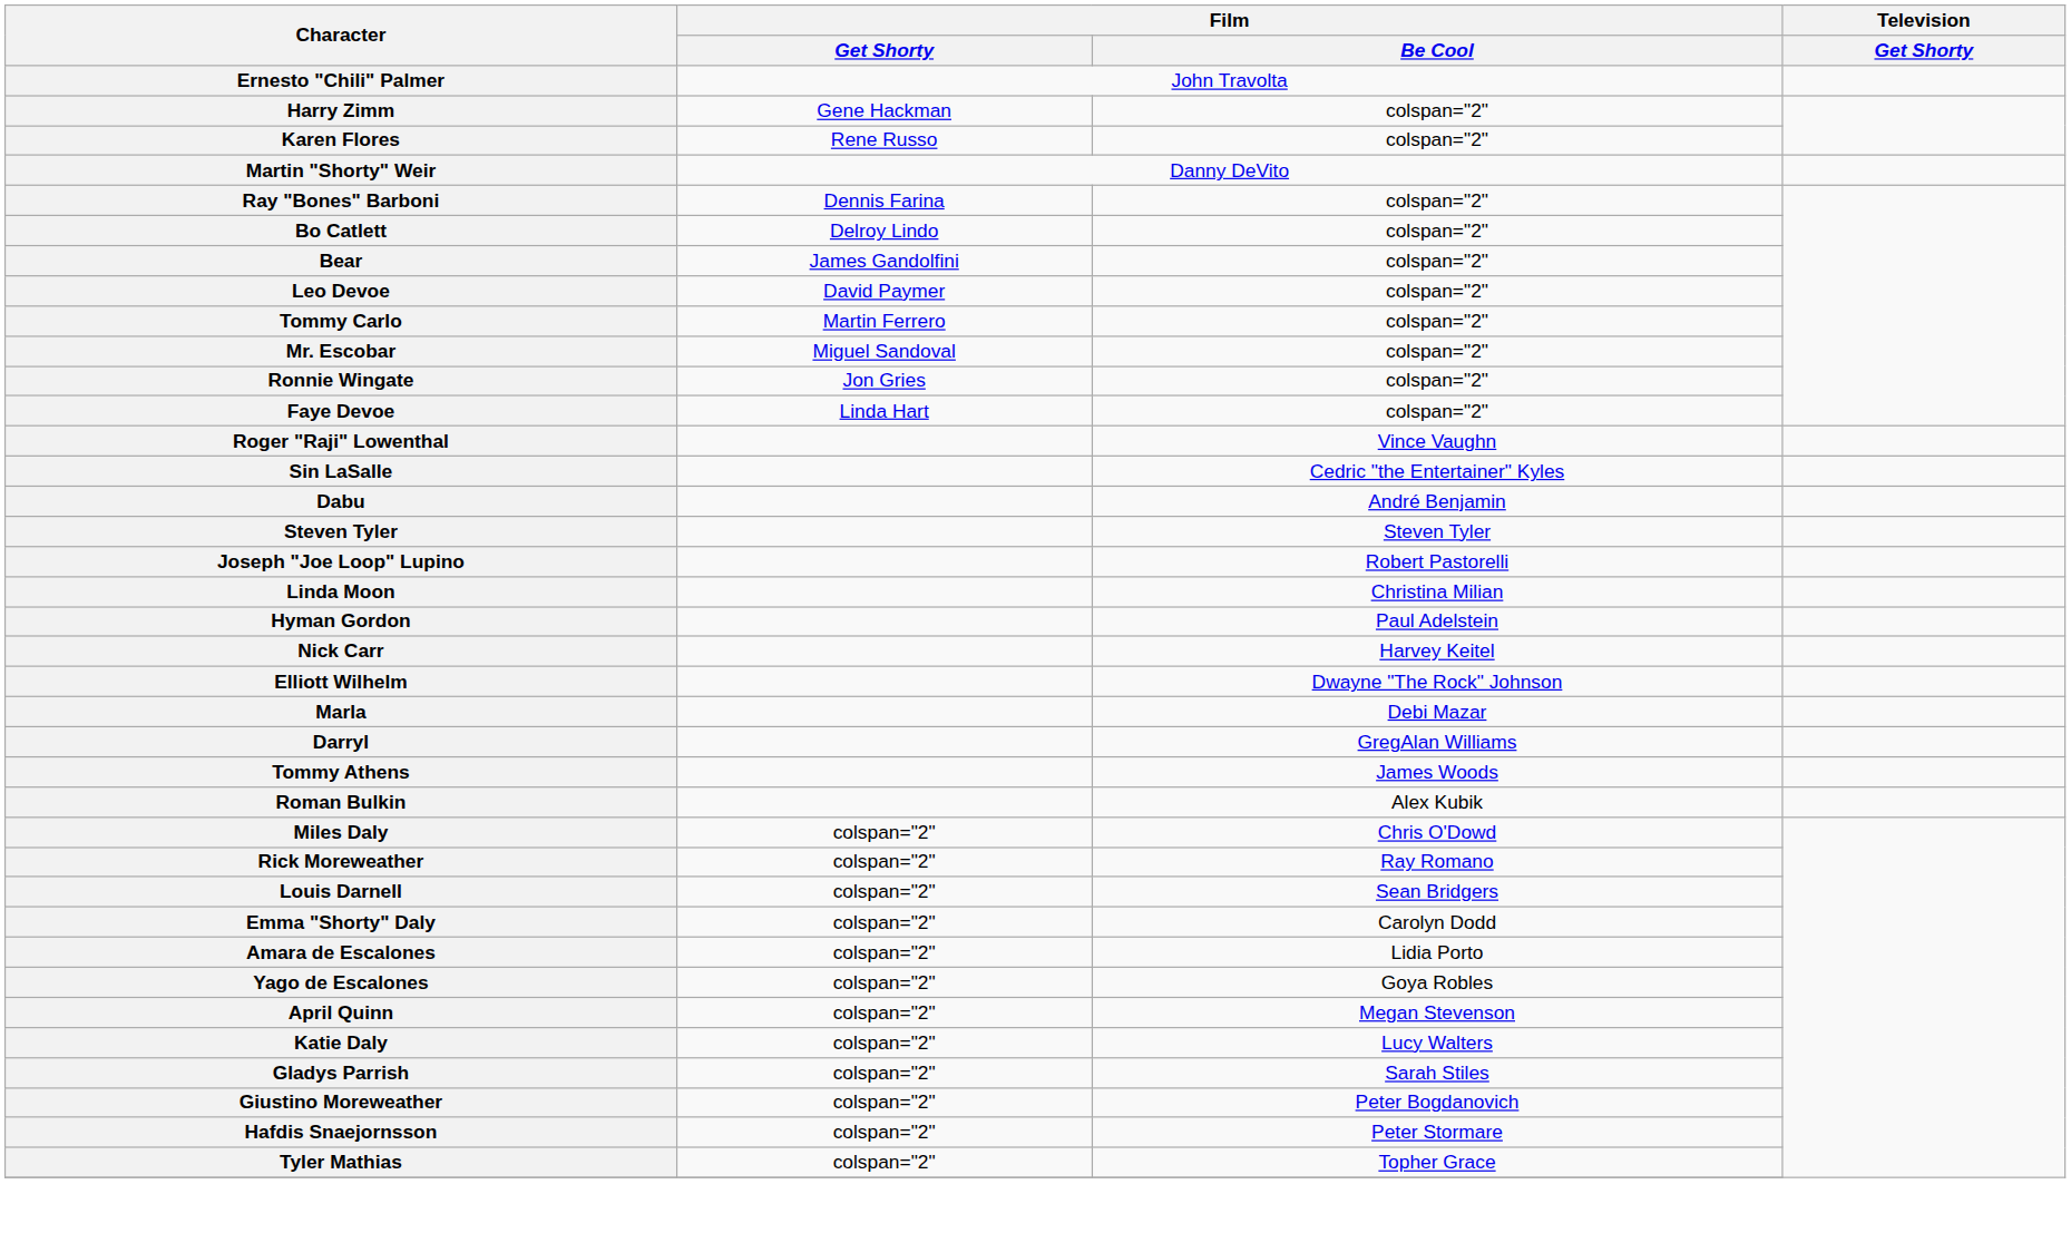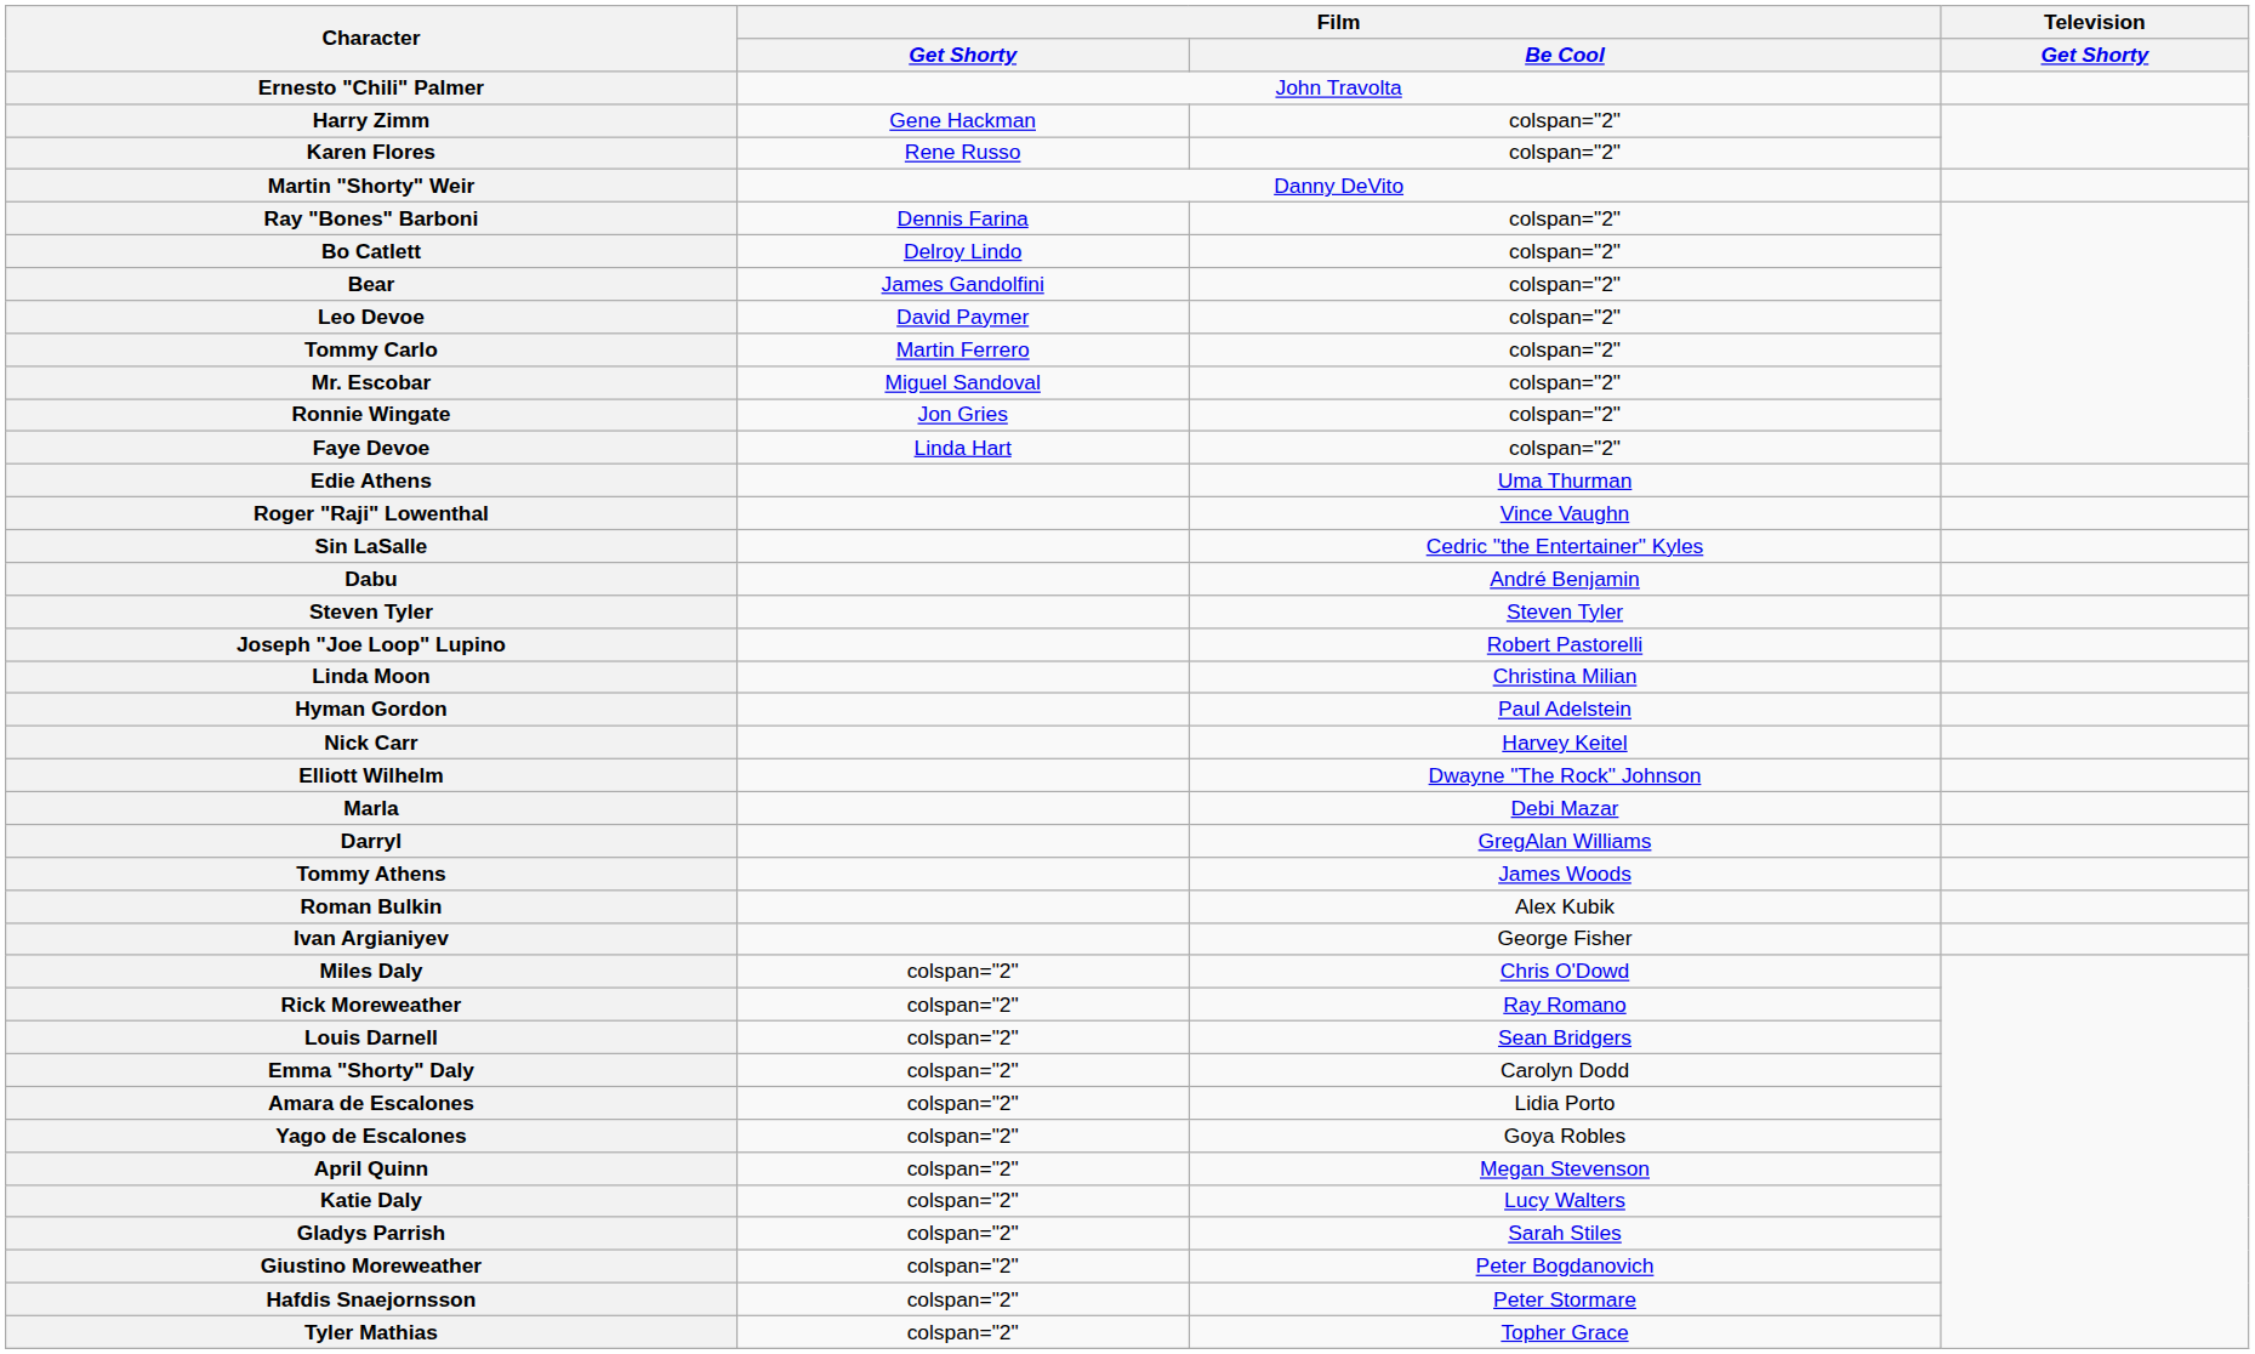 <table class="wikitable" style="text-align:center; width:99%; font-size:92%">
 <tr>
 <th rowspan="2">Character</th>
 <th colspan="2" align="center">Film</th>
 <th align="center">Television</th>
 </tr>
 <tr>
 <th align="center"><em><a href='#'>Get Shorty</a></em></th>
 <th align="center"><em><a href='#'>Be Cool</a></em></th>
 <th align="center"><em><a href='#'>Get Shorty</a></em><br></th>
 </tr>
 <tr>
 <th>Ernesto "Chili" Palmer</th>
 <td colspan="2"><a href='#'>John Travolta</a></td>
 <td></td>
 </tr>
 <tr>
 <th>Harry Zimm</th>
 <td><a href='#'>Gene Hackman</a></td>
 <td>colspan="2" </td>
 </tr>
 <tr>
 <th>Karen Flores</th>
 <td><a href='#'>Rene Russo</a></td>
 <td>colspan="2" </td>
 </tr>
 <tr>
 <th>Martin "Shorty" Weir</th>
 <td colspan="2"><a href='#'>Danny DeVito</a></td>
 <td></td>
 </tr>
 <tr>
 <th>Ray "Bones" Barboni</th>
 <td><a href='#'>Dennis Farina</a></td>
 <td>colspan="2" </td>
 </tr>
 <tr>
 <th>Bo Catlett</th>
 <td><a href='#'>Delroy Lindo</a></td>
 <td>colspan="2" </td>
 </tr>
 <tr>
 <th>Bear</th>
 <td><a href='#'>James Gandolfini</a></td>
 <td>colspan="2" </td>
 </tr>
 <tr>
 <th>Leo Devoe</th>
 <td><a href='#'>David Paymer</a></td>
 <td>colspan="2" </td>
 </tr>
 <tr>
 <th>Tommy Carlo</th>
 <td><a href='#'>Martin Ferrero</a></td>
 <td>colspan="2" </td>
 </tr>
 <tr>
 <th>Mr. Escobar</th>
 <td><a href='#'>Miguel Sandoval</a></td>
 <td>colspan="2" </td>
 </tr>
 <tr>
 <th>Ronnie Wingate</th>
 <td><a href='#'>Jon Gries</a></td>
 <td>colspan="2" </td>
 </tr>
 <tr>
 <th>Faye Devoe</th>
 <td><a href='#'>Linda Hart</a></td>
 <td>colspan="2" </td>
+</tr>
+<tr>
+<th>Edie Athens</th>
+<td></td>
+<td><a href='#'>Uma Thurman</a></td>
+<td></td>
 </tr>
 <tr>
 <th>Roger "Raji" Lowenthal</th>
 <td></td>
 <td><a href='#'>Vince Vaughn</a></td>
 <td></td>
 </tr>
 <tr>
 <th>Sin LaSalle</th>
 <td></td>
 <td><a href='#'>Cedric "the Entertainer" Kyles</a></td>
 <td></td>
 </tr>
 <tr>
 <th>Dabu</th>
 <td></td>
 <td><a href='#'>André Benjamin</a></td>
 <td></td>
 </tr>
 <tr>
 <th>Steven Tyler</th>
 <td></td>
 <td><a href='#'>Steven Tyler</a></td>
 <td></td>
 </tr>
 <tr>
 <th>Joseph "Joe Loop" Lupino</th>
 <td></td>
 <td><a href='#'>Robert Pastorelli</a></td>
 <td></td>
 </tr>
 <tr>
 <th>Linda Moon</th>
 <td></td>
 <td><a href='#'>Christina Milian</a></td>
 <td></td>
 </tr>
 <tr>
 <th>Hyman Gordon</th>
 <td></td>
 <td><a href='#'>Paul Adelstein</a></td>
 <td></td>
 </tr>
 <tr>
 <th>Nick Carr</th>
 <td></td>
 <td><a href='#'>Harvey Keitel</a></td>
 <td></td>
 </tr>
 <tr>
 <th>Elliott Wilhelm</th>
 <td></td>
 <td><a href='#'>Dwayne "The Rock" Johnson</a></td>
 <td></td>
 </tr>
 <tr>
 <th>Marla</th>
 <td></td>
 <td><a href='#'>Debi Mazar</a></td>
 <td></td>
 </tr>
 <tr>
 <th>Darryl</th>
 <td></td>
 <td><a href='#'>GregAlan Williams</a></td>
 <td></td>
 </tr>
 <tr>
 <th>Tommy Athens</th>
 <td></td>
 <td><a href='#'>James Woods</a></td>
 <td></td>
 </tr>
 <tr>
 <th>Roman Bulkin</th>
 <td></td>
 <td>Alex Kubik</td>
 <td></td>
 </tr>
 <tr>
+<th>Ivan Argianiyev</th>
+<td></td>
+<td>George Fisher</td>
+<td></td>
+</tr>
+<tr>
 <th>Miles Daly</th>
 <td>colspan="2" </td>
 <td><a href='#'>Chris O'Dowd</a></td>
 </tr>
 <tr>
 <th>Rick Moreweather</th>
 <td>colspan="2" </td>
 <td><a href='#'>Ray Romano</a></td>
 </tr>
 <tr>
 <th>Louis Darnell</th>
 <td>colspan="2" </td>
 <td><a href='#'>Sean Bridgers</a></td>
 </tr>
 <tr>
 <th>Emma "Shorty" Daly</th>
 <td>colspan="2" </td>
 <td>Carolyn Dodd</td>
 </tr>
 <tr>
 <th>Amara de Escalones</th>
 <td>colspan="2" </td>
 <td>Lidia Porto</td>
 </tr>
 <tr>
 <th>Yago de Escalones</th>
 <td>colspan="2" </td>
 <td>Goya Robles</td>
 </tr>
 <tr>
 <th>April Quinn</th>
 <td>colspan="2" </td>
 <td><a href='#'>Megan Stevenson</a></td>
 </tr>
 <tr>
 <th>Katie Daly</th>
 <td>colspan="2" </td>
 <td><a href='#'>Lucy Walters</a></td>
 </tr>
 <tr>
 <th>Gladys Parrish</th>
 <td>colspan="2" </td>
 <td><a href='#'>Sarah Stiles</a></td>
 </tr>
 <tr>
 <th>Giustino Moreweather</th>
 <td>colspan="2" </td>
 <td><a href='#'>Peter Bogdanovich</a></td>
 </tr>
 <tr>
 <th>Hafdis Snaejornsson</th>
 <td>colspan="2" </td>
 <td><a href='#'>Peter Stormare</a></td>
 </tr>
 <tr>
 <th>Tyler Mathias</th>
 <td>colspan="2" </td>
 <td><a href='#'>Topher Grace</a></td>
 </tr>
 <tr>
 </tr>
 </table>
